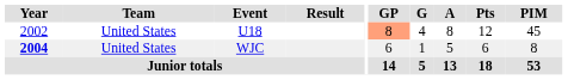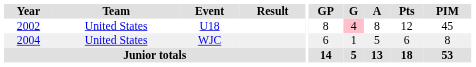 <table border="0" cellpadding="1" cellspacing="0" ID="Table3" style="text-align:center; width:40em">
 <tr bgcolor="#e0e0e0">
 <th>Year</th>
 <th>Team</th>
 <th>Event</th>
 <th>Result</th>
 <th rowspan="99" bgcolor="#ffffff"></th>
 <th>GP</th>
 <th>G</th>
 <th>A</th>
 <th>Pts</th>
 <th>PIM</th>
 </tr>
 <tr>
 <td><a href='#'>2002</a></td>
 <td><a href='#'>United States</a></td>
 <td><a href='#'>U18</a></td>
 <td></td>
-<td style="background: lightsalmon;">8</td>
-<td>4</td>
+<td>8</td>
+<td style="background: pink;">4</td>
 <td>8</td>
 <td>12</td>
 <td>45</td>
 </tr>
 <tr bgcolor="#f0f0f0">
-<td><strong><a href='#'>2004</a></strong></td>
+<td><a href='#'>2004</a></td>
 <td><a href='#'>United States</a></td>
 <td><a href='#'>WJC</a></td>
 <td></td>
 <td>6</td>
 <td>1</td>
 <td>5</td>
 <td>6</td>
 <td>8</td>
 </tr>
 <tr bgcolor="#e0e0e0">
 <th colspan="4">Junior totals</th>
 <th>14</th>
 <th>5</th>
 <th>13</th>
 <th>18</th>
 <th>53</th>
 </tr>
 </table>
